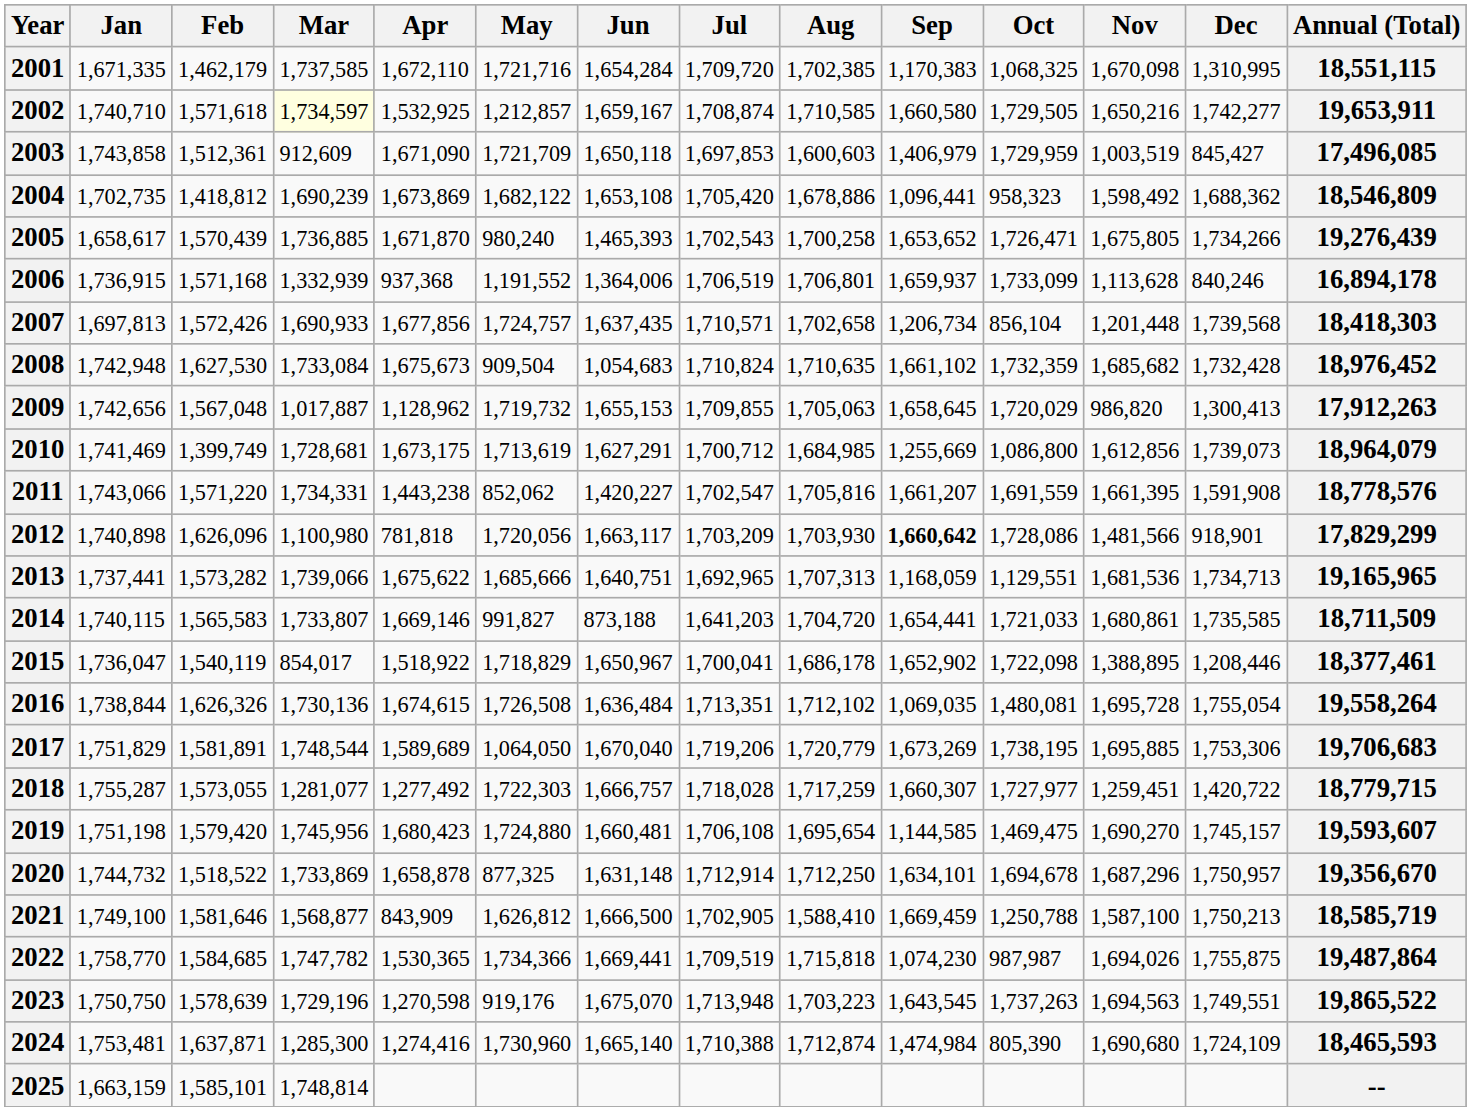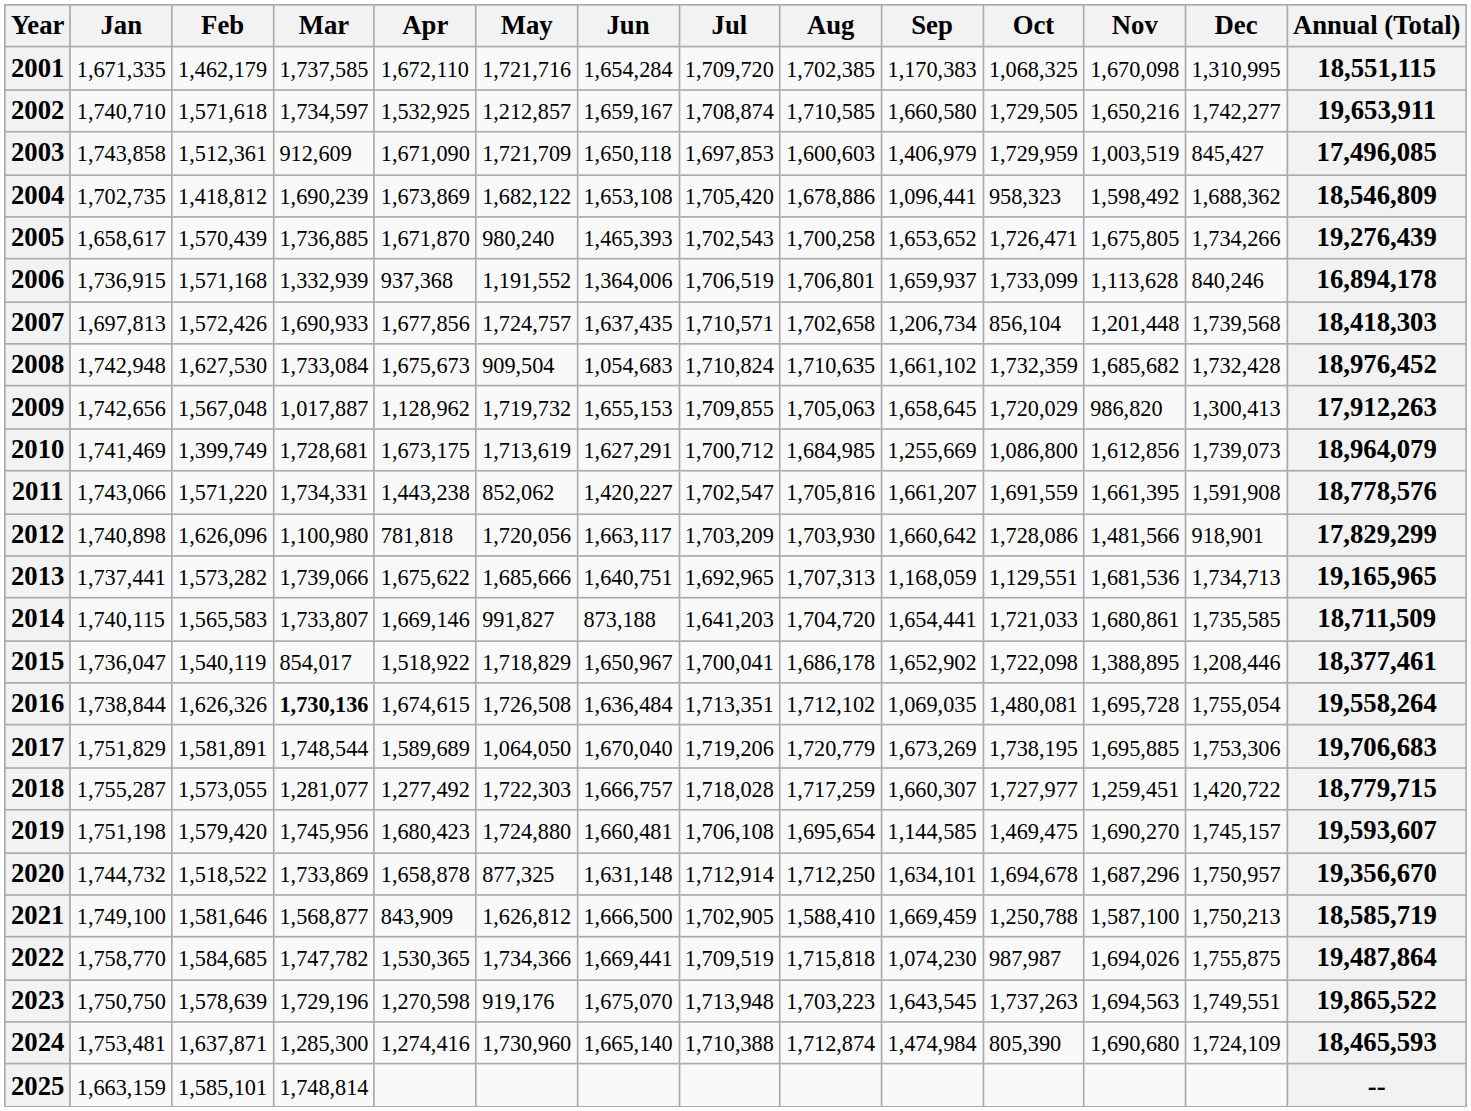 <table class="wikitable">
 <tr>
 <th>Year</th>
 <th>Jan</th>
 <th>Feb</th>
 <th>Mar</th>
 <th>Apr</th>
 <th>May</th>
 <th>Jun</th>
 <th>Jul</th>
 <th>Aug</th>
 <th>Sep</th>
 <th>Oct</th>
 <th>Nov</th>
 <th>Dec</th>
 <th>Annual (Total)</th>
 </tr>
 <tr>
 <th>2001</th>
 <td><small>1,671,335</small></td>
 <td><small>1,462,179</small></td>
 <td><small>1,737,585</small></td>
 <td><small>1,672,110</small></td>
 <td><small>1,721,716</small></td>
 <td><small>1,654,284</small></td>
 <td><small>1,709,720</small></td>
 <td><small>1,702,385</small></td>
 <td><small>1,170,383</small></td>
 <td><small>1,068,325</small></td>
 <td><small>1,670,098</small></td>
 <td><small>1,310,995</small></td>
 <th>18,551,115</th>
 </tr>
 <tr>
 <th>2002</th>
 <td><small>1,740,710</small></td>
 <td><small>1,571,618</small></td>
-<td style="background: lightyellow;"><small>1,734,597</small></td>
+<td><small>1,734,597</small></td>
 <td><small>1,532,925</small></td>
 <td><small>1,212,857</small></td>
 <td><small>1,659,167</small></td>
 <td><small>1,708,874</small></td>
 <td><small>1,710,585</small></td>
 <td><small>1,660,580</small></td>
 <td><small>1,729,505</small></td>
 <td><small>1,650,216</small></td>
 <td><small>1,742,277</small></td>
 <th>19,653,911</th>
 </tr>
 <tr>
 <th>2003</th>
 <td><small>1,743,858</small></td>
 <td><small>1,512,361</small></td>
 <td><small>912,609</small></td>
 <td><small>1,671,090</small></td>
 <td><small>1,721,709</small></td>
 <td><small>1,650,118</small></td>
 <td><small>1,697,853</small></td>
 <td><small>1,600,603</small></td>
 <td><small>1,406,979</small></td>
 <td><small>1,729,959</small></td>
 <td><small>1,003,519</small></td>
 <td><small>845,427</small></td>
 <th>17,496,085</th>
 </tr>
 <tr>
 <th>2004</th>
 <td><small>1,702,735</small></td>
 <td><small>1,418,812</small></td>
 <td><small>1,690,239</small></td>
 <td><small>1,673,869</small></td>
 <td><small>1,682,122</small></td>
 <td><small>1,653,108</small></td>
 <td><small>1,705,420</small></td>
 <td><small>1,678,886</small></td>
 <td><small>1,096,441</small></td>
 <td><small>958,323</small></td>
 <td><small>1,598,492</small></td>
 <td><small>1,688,362</small></td>
 <th>18,546,809</th>
 </tr>
 <tr>
 <th>2005</th>
 <td><small>1,658,617</small></td>
 <td><small>1,570,439</small></td>
 <td><small>1,736,885</small></td>
 <td><small>1,671,870</small></td>
 <td><small>980,240</small></td>
 <td><small>1,465,393</small></td>
 <td><small>1,702,543</small></td>
 <td><small>1,700,258</small></td>
 <td><small>1,653,652</small></td>
 <td><small>1,726,471</small></td>
 <td><small>1,675,805</small></td>
 <td><small>1,734,266</small></td>
 <th>19,276,439</th>
 </tr>
 <tr>
 <th>2006</th>
 <td><small>1,736,915</small></td>
 <td><small>1,571,168</small></td>
 <td><small>1,332,939</small></td>
 <td><small>937,368</small></td>
 <td><small>1,191,552</small></td>
 <td><small>1,364,006</small></td>
 <td><small>1,706,519</small></td>
 <td><small>1,706,801</small></td>
 <td><small>1,659,937</small></td>
 <td><small>1,733,099</small></td>
 <td><small>1,113,628</small></td>
 <td><small>840,246</small></td>
 <th>16,894,178</th>
 </tr>
 <tr>
 <th>2007</th>
 <td><small>1,697,813</small></td>
 <td><small>1,572,426</small></td>
 <td><small>1,690,933</small></td>
 <td><small>1,677,856</small></td>
 <td><small>1,724,757</small></td>
 <td><small>1,637,435</small></td>
 <td><small>1,710,571</small></td>
 <td><small>1,702,658</small></td>
 <td><small>1,206,734</small></td>
 <td><small>856,104</small></td>
 <td><small>1,201,448</small></td>
 <td><small>1,739,568</small></td>
 <th>18,418,303</th>
 </tr>
 <tr>
 <th>2008</th>
 <td><small>1,742,948</small></td>
 <td><small>1,627,530</small></td>
 <td><small>1,733,084</small></td>
 <td><small>1,675,673</small></td>
 <td><small>909,504</small></td>
 <td><small>1,054,683</small></td>
 <td><small>1,710,824</small></td>
 <td><small>1,710,635</small></td>
 <td><small>1,661,102</small></td>
 <td><small>1,732,359</small></td>
 <td><small>1,685,682</small></td>
 <td><small>1,732,428</small></td>
 <th>18,976,452</th>
 </tr>
 <tr>
 <th>2009</th>
 <td><small>1,742,656</small></td>
 <td><small>1,567,048</small></td>
 <td><small>1,017,887</small></td>
 <td><small>1,128,962</small></td>
 <td><small>1,719,732</small></td>
 <td><small>1,655,153</small></td>
 <td><small>1,709,855</small></td>
 <td><small>1,705,063</small></td>
 <td><small>1,658,645</small></td>
 <td><small>1,720,029</small></td>
 <td><small>986,820</small></td>
 <td><small>1,300,413</small></td>
 <th>17,912,263</th>
 </tr>
 <tr>
 <th>2010</th>
 <td><small>1,741,469</small></td>
 <td><small>1,399,749</small></td>
 <td><small>1,728,681</small></td>
 <td><small>1,673,175</small></td>
 <td><small>1,713,619</small></td>
 <td><small>1,627,291</small></td>
 <td><small>1,700,712</small></td>
 <td><small>1,684,985</small></td>
 <td><small>1,255,669</small></td>
 <td><small>1,086,800</small></td>
 <td><small>1,612,856</small></td>
 <td><small>1,739,073</small></td>
 <th>18,964,079</th>
 </tr>
 <tr>
 <th>2011</th>
 <td><small>1,743,066</small></td>
 <td><small>1,571,220</small></td>
 <td><small>1,734,331</small></td>
 <td><small>1,443,238</small></td>
 <td><small>852,062</small></td>
 <td><small>1,420,227</small></td>
 <td><small>1,702,547</small></td>
 <td><small>1,705,816</small></td>
 <td><small>1,661,207</small></td>
 <td><small>1,691,559</small></td>
 <td><small>1,661,395</small></td>
 <td><small>1,591,908</small></td>
 <th>18,778,576</th>
 </tr>
 <tr>
 <th>2012</th>
 <td><small>1,740,898</small></td>
 <td><small>1,626,096</small></td>
 <td><small>1,100,980</small></td>
 <td><small>781,818</small></td>
 <td><small>1,720,056</small></td>
 <td><small>1,663,117</small></td>
 <td><small>1,703,209</small></td>
 <td><small>1,703,930</small></td>
-<td><strong><small>1,660,642</small></strong></td>
+<td><small>1,660,642</small></td>
 <td><small>1,728,086</small></td>
 <td><small>1,481,566</small></td>
 <td><small>918,901</small></td>
 <th>17,829,299</th>
 </tr>
 <tr>
 <th>2013</th>
 <td><small>1,737,441</small></td>
 <td><small>1,573,282</small></td>
 <td><small>1,739,066</small></td>
 <td><small>1,675,622</small></td>
 <td><small>1,685,666</small></td>
 <td><small>1,640,751</small></td>
 <td><small>1,692,965</small></td>
 <td><small>1,707,313</small></td>
 <td><small>1,168,059</small></td>
 <td><small>1,129,551</small></td>
 <td><small>1,681,536</small></td>
 <td><small>1,734,713</small></td>
 <th>19,165,965</th>
 </tr>
 <tr>
 <th>2014</th>
 <td><small>1,740,115</small></td>
 <td><small>1,565,583</small></td>
 <td><small>1,733,807</small></td>
 <td><small>1,669,146</small></td>
 <td><small>991,827</small></td>
 <td><small>873,188</small></td>
 <td><small>1,641,203</small></td>
 <td><small>1,704,720</small></td>
 <td><small>1,654,441</small></td>
 <td><small>1,721,033</small></td>
 <td><small>1,680,861</small></td>
 <td><small>1,735,585</small></td>
 <th>18,711,509</th>
 </tr>
 <tr>
 <th>2015</th>
 <td><small>1,736,047</small></td>
 <td><small>1,540,119</small></td>
 <td><small>854,017</small></td>
 <td><small>1,518,922</small></td>
 <td><small>1,718,829</small></td>
 <td><small>1,650,967</small></td>
 <td><small>1,700,041</small></td>
 <td><small>1,686,178</small></td>
 <td><small>1,652,902</small></td>
 <td><small>1,722,098</small></td>
 <td><small>1,388,895</small></td>
 <td><small>1,208,446</small></td>
 <th>18,377,461</th>
 </tr>
 <tr>
 <th>2016</th>
 <td><small>1,738,844</small></td>
 <td><small>1,626,326</small></td>
-<td><small>1,730,136</small></td>
+<td><strong><small>1,730,136</small></strong></td>
 <td><small>1,674,615</small></td>
 <td><small>1,726,508</small></td>
 <td><small>1,636,484</small></td>
 <td><small>1,713,351</small></td>
 <td><small>1,712,102</small></td>
 <td><small>1,069,035</small></td>
 <td><small>1,480,081</small></td>
 <td><small>1,695,728</small></td>
 <td><small>1,755,054</small></td>
 <th>19,558,264</th>
 </tr>
 <tr>
 <th>2017</th>
 <td><small>1,751,829</small></td>
 <td><small>1,581,891</small></td>
 <td><small>1,748,544</small></td>
 <td><small>1,589,689</small></td>
 <td><small>1,064,050</small></td>
 <td><small>1,670,040</small></td>
 <td><small>1,719,206</small></td>
 <td><small>1,720,779</small></td>
 <td><small>1,673,269</small></td>
 <td><small>1,738,195</small></td>
 <td><small>1,695,885</small></td>
 <td><small>1,753,306</small></td>
 <th>19,706,683</th>
 </tr>
 <tr>
 <th>2018</th>
 <td><small>1,755,287</small></td>
 <td><small>1,573,055</small></td>
 <td><small>1,281,077</small></td>
 <td><small>1,277,492</small></td>
 <td><small>1,722,303</small></td>
 <td><small>1,666,757</small></td>
 <td><small>1,718,028</small></td>
 <td><small>1,717,259</small></td>
 <td><small>1,660,307</small></td>
 <td><small>1,727,977</small></td>
 <td><small>1,259,451</small></td>
 <td><small>1,420,722</small></td>
 <th>18,779,715</th>
 </tr>
 <tr>
 <th>2019</th>
 <td><small>1,751,198</small></td>
 <td><small>1,579,420</small></td>
 <td><small>1,745,956</small></td>
 <td><small>1,680,423</small></td>
 <td><small>1,724,880</small></td>
 <td><small>1,660,481</small></td>
 <td><small>1,706,108</small></td>
 <td><small>1,695,654</small></td>
 <td><small>1,144,585</small></td>
 <td><small>1,469,475</small></td>
 <td><small>1,690,270</small></td>
 <td><small>1,745,157</small></td>
 <th>19,593,607</th>
 </tr>
 <tr>
 <th>2020</th>
 <td><small>1,744,732</small></td>
 <td><small>1,518,522</small></td>
 <td><small>1,733,869</small></td>
 <td><small>1,658,878</small></td>
 <td><small>877,325</small></td>
 <td><small>1,631,148</small></td>
 <td><small>1,712,914</small></td>
 <td><small>1,712,250</small></td>
 <td><small>1,634,101</small></td>
 <td><small>1,694,678</small></td>
 <td><small>1,687,296</small></td>
 <td><small>1,750,957</small></td>
 <th>19,356,670</th>
 </tr>
 <tr>
 <th>2021</th>
 <td><small>1,749,100</small></td>
 <td><small>1,581,646</small></td>
 <td><small>1,568,877</small></td>
 <td><small>843,909</small></td>
 <td><small>1,626,812</small></td>
 <td><small>1,666,500</small></td>
 <td><small>1,702,905</small></td>
 <td><small>1,588,410</small></td>
 <td><small>1,669,459</small></td>
 <td><small>1,250,788</small></td>
 <td><small>1,587,100</small></td>
 <td><small>1,750,213</small></td>
 <th>18,585,719</th>
 </tr>
 <tr>
 <th>2022</th>
 <td><small>1,758,770</small></td>
 <td><small>1,584,685</small></td>
 <td><small>1,747,782</small></td>
 <td><small>1,530,365</small></td>
 <td><small>1,734,366</small></td>
 <td><small>1,669,441</small></td>
 <td><small>1,709,519</small></td>
 <td><small>1,715,818</small></td>
 <td><small>1,074,230</small></td>
 <td><small>987,987</small></td>
 <td><small>1,694,026</small></td>
 <td><small>1,755,875</small></td>
 <th>19,487,864</th>
 </tr>
 <tr>
 <th>2023</th>
 <td><small>1,750,750</small></td>
 <td><small>1,578,639</small></td>
 <td><small>1,729,196</small></td>
 <td><small>1,270,598</small></td>
 <td><small>919,176</small></td>
 <td><small>1,675,070</small></td>
 <td><small>1,713,948</small></td>
 <td><small>1,703,223</small></td>
 <td><small>1,643,545</small></td>
 <td><small>1,737,263</small></td>
 <td><small>1,694,563</small></td>
 <td><small>1,749,551</small></td>
 <th>19,865,522</th>
 </tr>
 <tr>
 <th>2024</th>
 <td><small>1,753,481</small></td>
 <td><small>1,637,871</small></td>
 <td><small>1,285,300</small></td>
 <td><small>1,274,416</small></td>
 <td><small>1,730,960</small></td>
 <td><small>1,665,140</small></td>
 <td><small>1,710,388</small></td>
 <td><small>1,712,874</small></td>
 <td><small>1,474,984</small></td>
 <td><small>805,390</small></td>
 <td><small>1,690,680</small></td>
 <td><small>1,724,109</small></td>
 <th>18,465,593</th>
 </tr>
 <tr>
 <th>2025</th>
 <td><small>1,663,159</small></td>
 <td><small>1,585,101</small></td>
 <td><small>1,748,814</small></td>
 <td><small></small></td>
 <td><small></small></td>
 <td><small></small></td>
 <td><small></small></td>
 <td><small></small></td>
 <td><small></small></td>
 <td><small></small></td>
 <td><small></small></td>
 <td><small></small></td>
 <th>--</th>
 </tr>
 <tr>
 </tr>
 </table>
